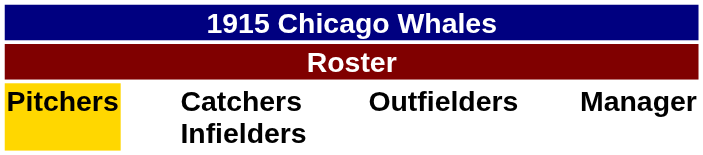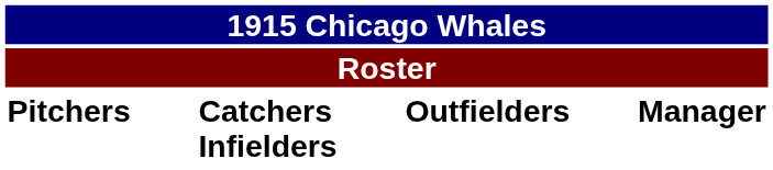 <table class="toccolours" style="font-size: 95%;">
 <tr>
 <th colspan="10" style="background-color: navy; color: white; text-align: center;">1915 Chicago Whales</th>
 </tr>
 <tr>
 <td colspan="10" style="background-color: maroon; color: white; text-align: center;"><strong>Roster</strong></td>
 </tr>
 <tr>
-<td valign="top" style="background: gold;"><strong>Pitchers</strong><br>        </td>
+<td valign="top"><strong>Pitchers</strong><br>        </td>
 <td width="25px"></td>
 <td valign="top"><strong>Catchers</strong><br>   <strong>Infielders</strong>            </td>
 <td width="25px"></td>
 <td valign="top"><strong>Outfielders</strong><br>    </td>
 <td width="25px"></td>
 <td valign="top"><strong>Manager</strong><br></td>
 </tr>
 </table>
